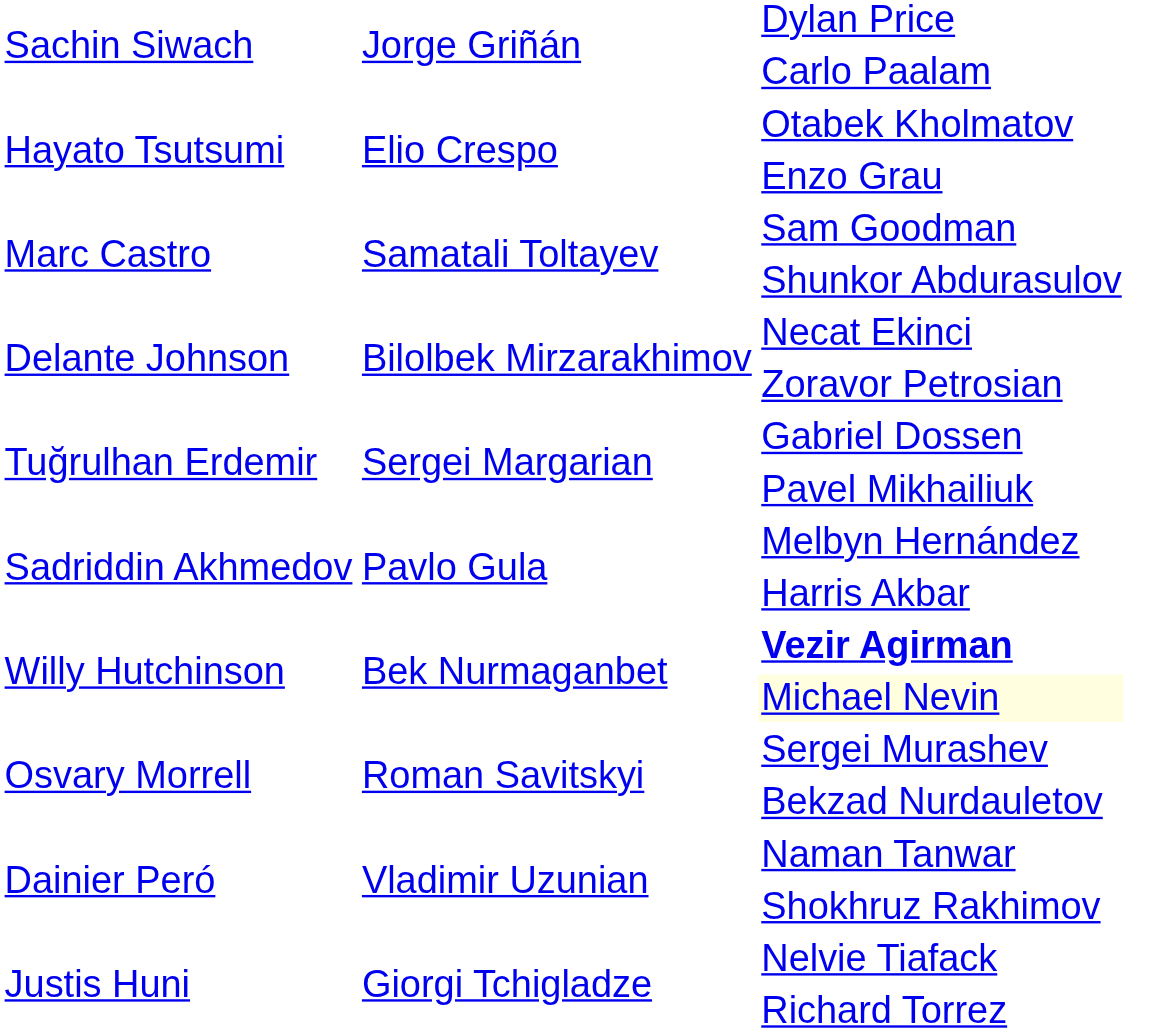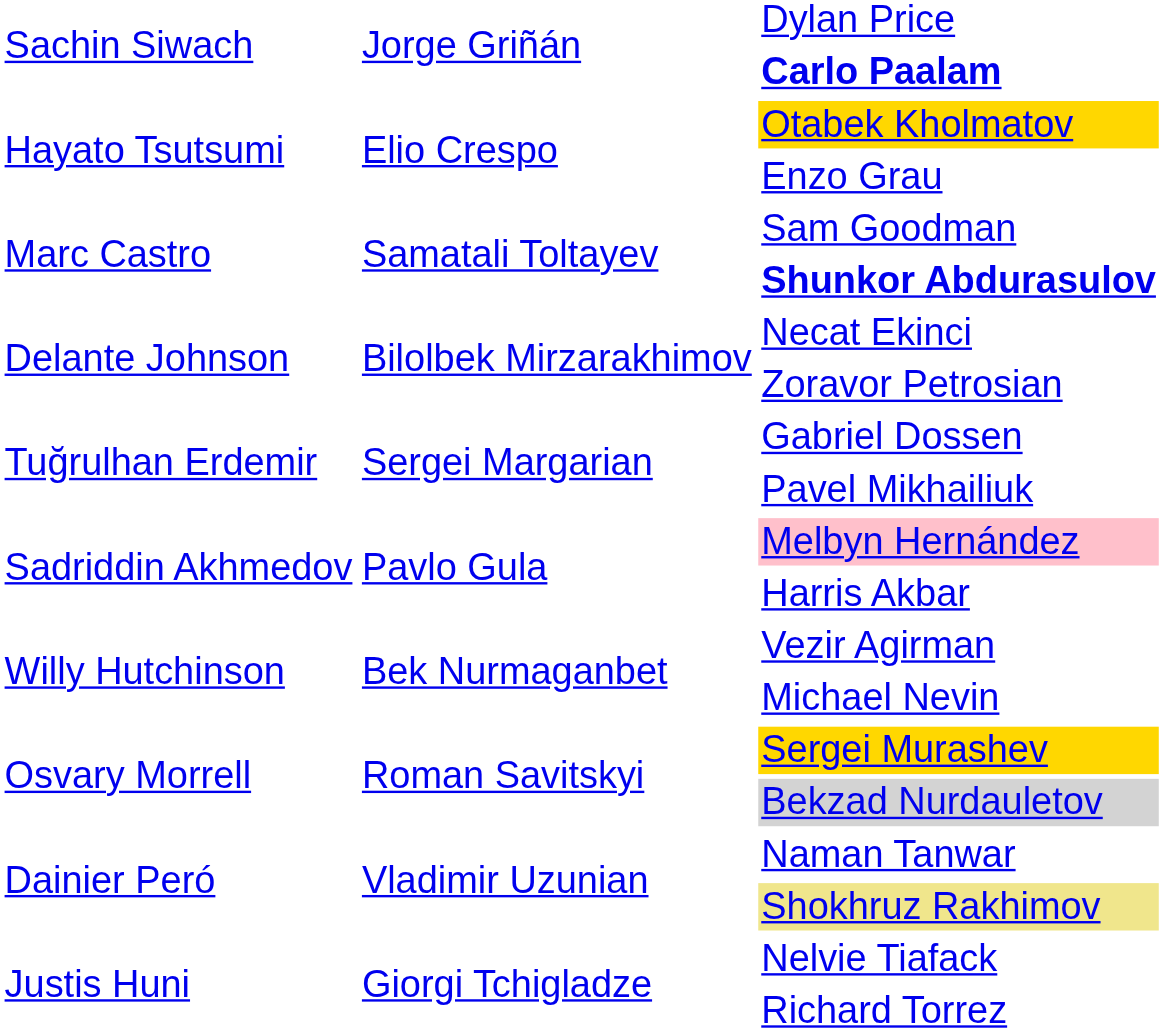 <table>
 <tr>
 <td rowspan=2 align="center"><strong></strong></td>
 <td rowspan=2> <a href='#'>Sachin Siwach</a></td>
 <td rowspan=2> <a href='#'>Jorge Griñán</a></td>
 <td> <a href='#'>Dylan Price</a></td>
 </tr>
 <tr>
-<td> <a href='#'>Carlo Paalam</a></td>
+<td><strong> <a href='#'>Carlo Paalam</a></strong></td>
 </tr>
 <tr>
 <td rowspan=2 align="center"><strong></strong></td>
 <td rowspan=2> <a href='#'>Hayato Tsutsumi</a></td>
 <td rowspan=2> <a href='#'>Elio Crespo</a></td>
-<td> <a href='#'>Otabek Kholmatov</a></td>
+<td style="background: gold;"> <a href='#'>Otabek Kholmatov</a></td>
 </tr>
 <tr>
 <td> <a href='#'>Enzo Grau</a></td>
 </tr>
 <tr>
 <td rowspan=2 align="center"><strong></strong></td>
 <td rowspan=2> <a href='#'>Marc Castro</a></td>
 <td rowspan=2> <a href='#'>Samatali Toltayev</a></td>
 <td> <a href='#'>Sam Goodman</a></td>
 </tr>
 <tr>
-<td> <a href='#'>Shunkor Abdurasulov</a></td>
+<td><strong> <a href='#'>Shunkor Abdurasulov</a></strong></td>
 </tr>
 <tr>
 <td rowspan=2 align="center"><strong></strong></td>
 <td rowspan=2> <a href='#'>Delante Johnson</a></td>
 <td rowspan=2> <a href='#'>Bilolbek Mirzarakhimov</a></td>
 <td> <a href='#'>Necat Ekinci</a></td>
 </tr>
 <tr>
 <td> <a href='#'>Zoravor Petrosian</a></td>
 </tr>
 <tr>
 <td rowspan=2 align="center"><strong></strong></td>
 <td rowspan=2> <a href='#'>Tuğrulhan Erdemir</a></td>
 <td rowspan=2> <a href='#'>Sergei Margarian</a></td>
 <td> <a href='#'>Gabriel Dossen</a></td>
 </tr>
 <tr>
 <td> <a href='#'>Pavel Mikhailiuk</a></td>
 </tr>
 <tr>
 <td rowspan=2 align="center"><strong></strong></td>
 <td rowspan=2> <a href='#'>Sadriddin Akhmedov</a></td>
 <td rowspan=2> <a href='#'>Pavlo Gula</a></td>
-<td> <a href='#'>Melbyn Hernández</a></td>
+<td style="background: pink;"> <a href='#'>Melbyn Hernández</a></td>
 </tr>
 <tr>
 <td> <a href='#'>Harris Akbar</a></td>
 </tr>
 <tr>
 <td rowspan=2 align="center"><strong></strong></td>
 <td rowspan=2> <a href='#'>Willy Hutchinson</a></td>
 <td rowspan=2> <a href='#'>Bek Nurmaganbet</a></td>
-<td><strong> <a href='#'>Vezir Agirman</a></strong></td>
+<td> <a href='#'>Vezir Agirman</a></td>
 </tr>
 <tr>
-<td style="background: lightyellow;"> <a href='#'>Michael Nevin</a></td>
+<td> <a href='#'>Michael Nevin</a></td>
 </tr>
 <tr>
 <td rowspan=2 align="center"><strong></strong></td>
 <td rowspan=2> <a href='#'>Osvary Morrell</a></td>
 <td rowspan=2> <a href='#'>Roman Savitskyi</a></td>
-<td> <a href='#'>Sergei Murashev</a></td>
+<td style="background: gold;"> <a href='#'>Sergei Murashev</a></td>
 </tr>
 <tr>
-<td> <a href='#'>Bekzad Nurdauletov</a></td>
+<td style="background: lightgrey;"> <a href='#'>Bekzad Nurdauletov</a></td>
 </tr>
 <tr>
 <td rowspan=2 align="center"><strong></strong></td>
 <td rowspan=2> <a href='#'>Dainier Peró</a></td>
 <td rowspan=2> <a href='#'>Vladimir Uzunian</a></td>
 <td> <a href='#'>Naman Tanwar</a></td>
 </tr>
 <tr>
-<td> <a href='#'>Shokhruz Rakhimov</a></td>
+<td style="background: khaki;"> <a href='#'>Shokhruz Rakhimov</a></td>
 </tr>
 <tr>
 <td rowspan=2 align="center"><strong></strong></td>
 <td rowspan=2> <a href='#'>Justis Huni</a></td>
 <td rowspan=2> <a href='#'>Giorgi Tchigladze</a></td>
 <td> <a href='#'>Nelvie Tiafack</a></td>
 </tr>
 <tr>
 <td> <a href='#'>Richard Torrez</a></td>
 </tr>
 </table>
